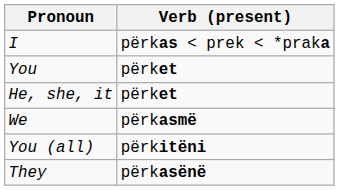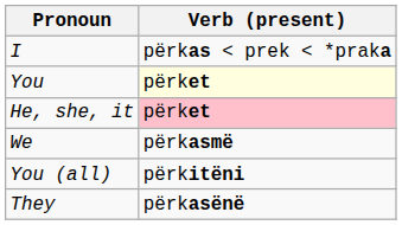 <table class="wikitable sortable">
 <tr>
 <th>Pronoun</th>
 <th>Verb (present)</th>
 </tr>
 <tr>
 <td><em>I</em></td>
 <td>përk<strong>as</strong> < prek < *prak<strong>a</strong></td>
 </tr>
 <tr>
 <td><em>You</em></td>
-<td>përk<strong>et</strong></td>
+<td style="background: lightyellow;">përk<strong>et</strong></td>
 </tr>
 <tr>
 <td><em>He, she, it</em></td>
-<td>përk<strong>et</strong></td>
+<td style="background: pink;">përk<strong>et</strong></td>
 </tr>
 <tr>
 <td><em>We</em></td>
 <td>përk<strong>asmë</strong></td>
 </tr>
 <tr>
 <td><em>You (all)</em></td>
 <td>përk<strong>itëni</strong></td>
 </tr>
 <tr>
 <td><em>They</em></td>
 <td>përk<strong>asënë</strong></td>
 </tr>
 </table>
